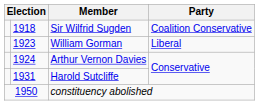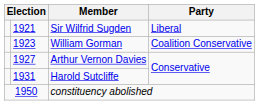 <table class="wikitable">
 <tr>
 <th colspan="2">Election</th>
 <th>Member</th>
 <th>Party</th>
 </tr>
 <tr>
 <td style="color:inherit;background-color: "></td>
-<td><a href='#'>1918</a></td>
+<td><a href='#'>1921</a></td>
 <td><a href='#'>Sir Wilfrid Sugden</a></td>
-<td><a href='#'>Coalition Conservative</a></td>
+<td><a href='#'>Liberal</a></td>
 </tr>
 <tr>
 <td style="color:inherit;background-color: "></td>
 <td><a href='#'>1923</a></td>
 <td><a href='#'>William Gorman</a></td>
-<td><a href='#'>Liberal</a></td>
+<td><a href='#'>Coalition Conservative</a></td>
 </tr>
 <tr>
 <td style="color:inherit;background-color: "></td>
-<td><a href='#'>1924</a></td>
+<td><a href='#'>1927</a></td>
 <td><a href='#'>Arthur Vernon Davies</a></td>
 <td rowspan="2"><a href='#'>Conservative</a></td>
 </tr>
 <tr>
 <td style="color:inherit;background-color: "></td>
 <td><a href='#'>1931</a></td>
 <td><a href='#'>Harold Sutcliffe</a></td>
 </tr>
 <tr>
 <td colspan="2" align="center"><a href='#'>1950</a></td>
 <td colspan="2"><em>constituency abolished</em></td>
 </tr>
 </table>
